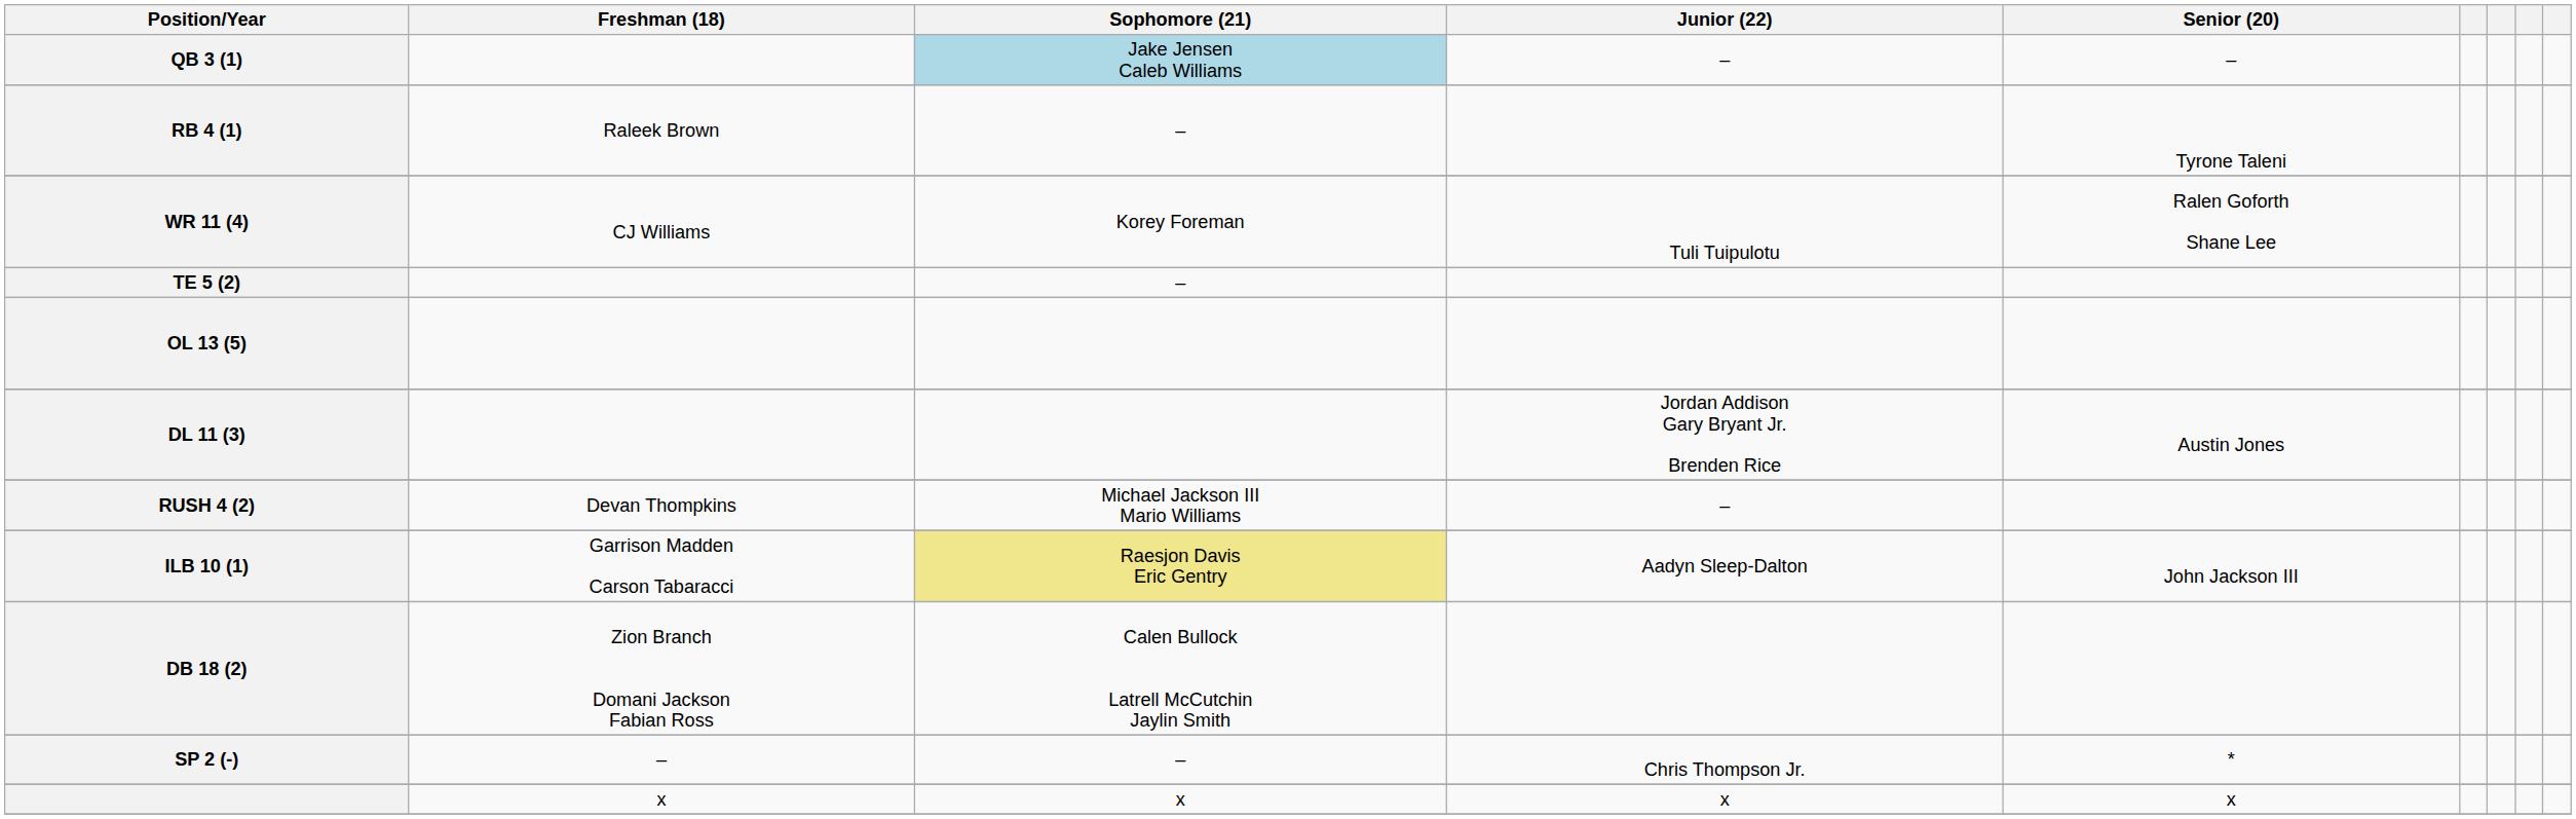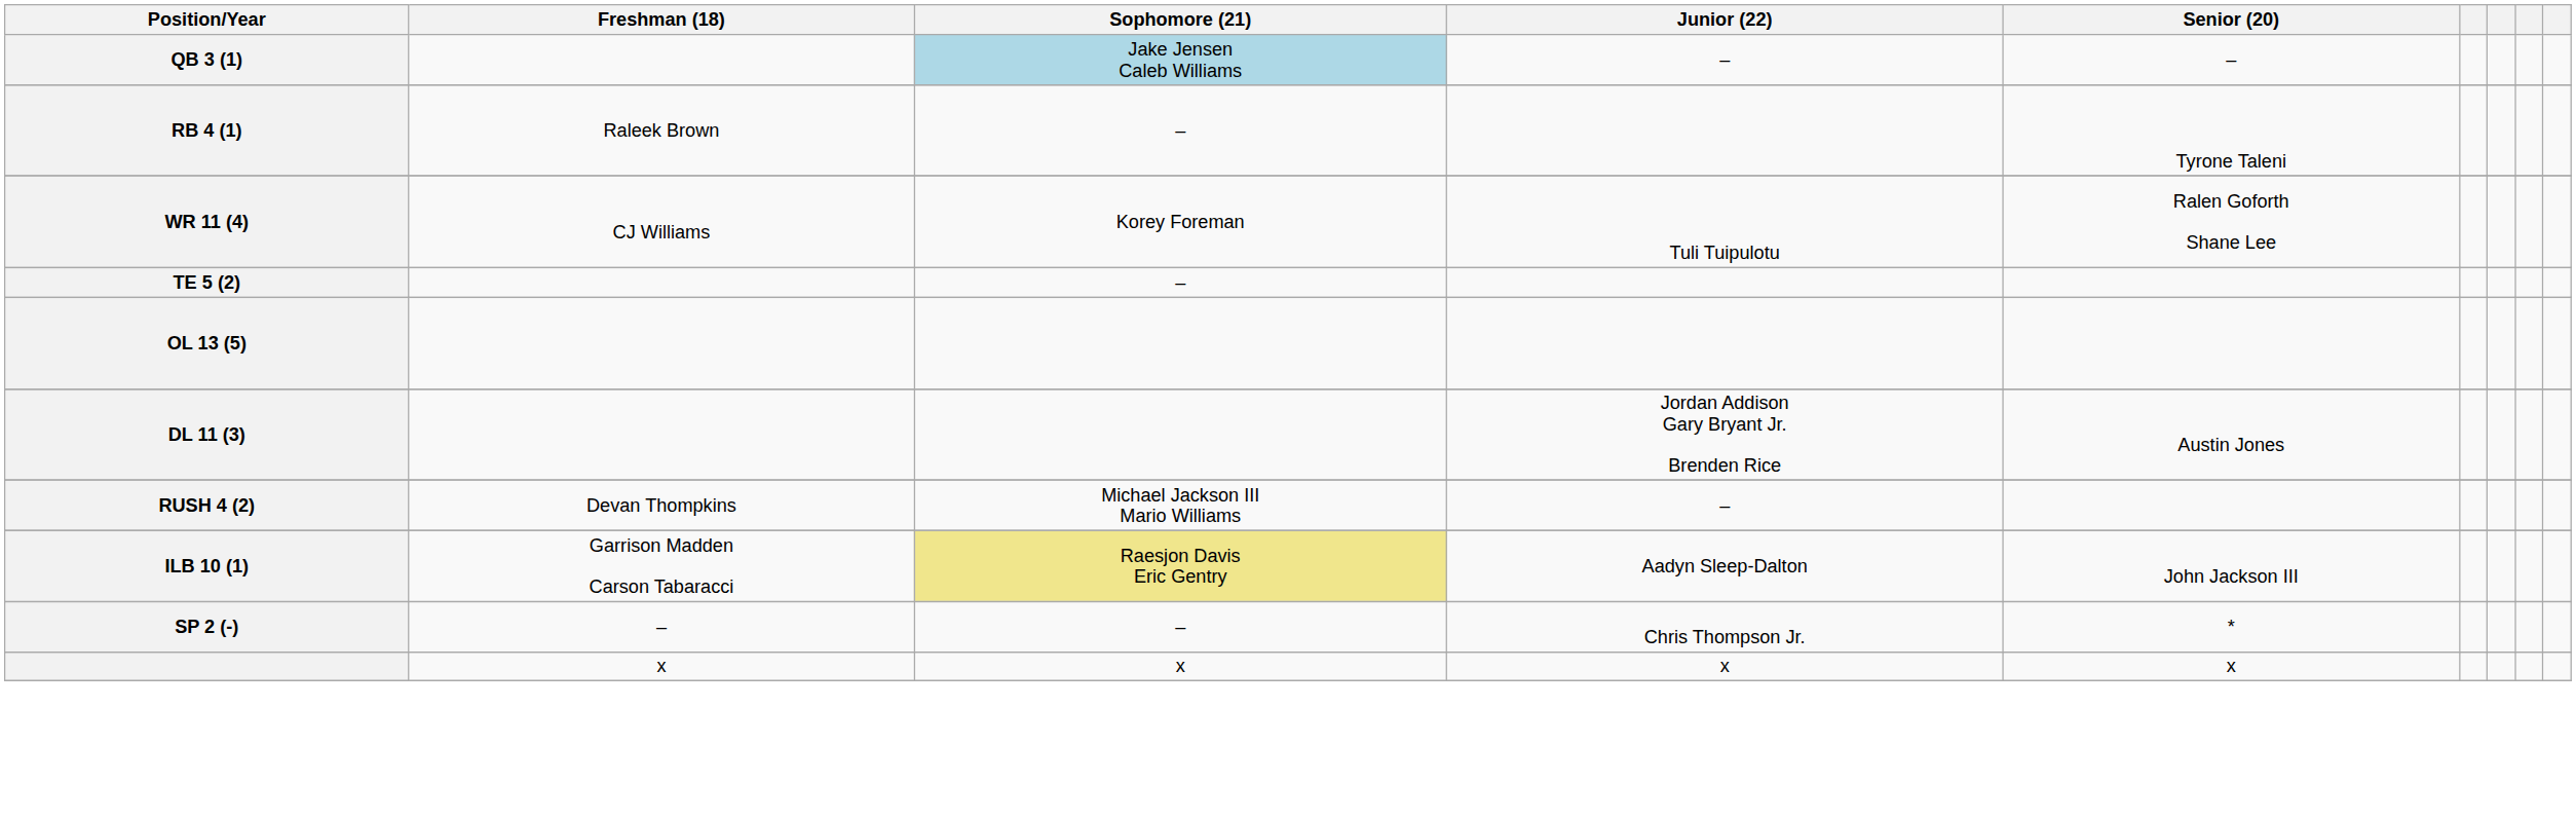 <table class="wikitable collapsible collapsed" style="font-size:90%;" width=100%>
 <tr>
 <th style="text-align:center; ">Position/Year</th>
 <th style="text-align:center; ">Freshman (18)</th>
 <th style="text-align:center; ">Sophomore (21)</th>
 <th style="text-align:center; ">Junior (22)</th>
 <th style="text-align:center; ">Senior (20)</th>
 <th></th>
 <th></th>
 <th></th>
 <th></th>
 </tr>
 <tr align="center">
 <th style="text-align:center; ">QB 3 (1)</th>
 <td></td>
 <td style="background: lightblue;">Jake Jensen <br> Caleb Williams</td>
 <td>–</td>
 <td>–</td>
 <td></td>
 <td></td>
 <td></td>
 <td></td>
 </tr>
 <tr>
 </tr>
 <tr align="center">
 <th style="text-align:center; ">RB 4 (1)</th>
 <td>Raleek Brown</td>
 <td>–</td>
 <td></td>
 <td> <br>  <br>  <br> Tyrone Taleni</td>
 <td> <br> </td>
 <td></td>
 <td></td>
 <td></td>
 </tr>
 <tr>
 </tr>
 <tr align="center">
 <th style="text-align:center; ">WR 11 (4)</th>
 <td> <br> CJ Williams</td>
 <td>Korey Foreman <br> </td>
 <td> <br>  <br> <br> Tuli Tuipulotu <br></td>
 <td>Ralen Goforth <br>  <br> Shane Lee</td>
 <td> <br>  <br> </td>
 <td></td>
 <td></td>
 <td></td>
 </tr>
 <tr>
 </tr>
 <tr align="center">
 <th style="text-align:center; ">TE 5 (2)</th>
 <td></td>
 <td>–</td>
 <td> <br> </td>
 <td> <br> </td>
 <td></td>
 <td></td>
 <td></td>
 <td></td>
 </tr>
 <tr>
 </tr>
 <tr align="center">
 <th style="text-align:center; ">OL 13 (5)</th>
 <td></td>
 <td> <br>  <br>  <br>  <br> </td>
 <td> <br>  <br> </td>
 <td> <br>  <br>  <br> </td>
 <td> <br>  <br>  <br>  <br> </td>
 <td></td>
 <td></td>
 <td></td>
 </tr>
 <tr>
 </tr>
 <tr align="center">
 <th style="text-align:center; ">DL 11 (3)</th>
 <td></td>
 <td> <br> </td>
 <td>Jordan Addison <br> Gary Bryant Jr. <br>  <br> Brenden Rice <br> </td>
 <td> <br> Austin Jones</td>
 <td> <br>  <br> </td>
 <td></td>
 <td></td>
 <td></td>
 </tr>
 <tr>
 </tr>
 <tr align="center">
 <th style="text-align:center; ">RUSH 4 (2)</th>
 <td>Devan Thompkins</td>
 <td>Michael Jackson III <br> Mario Williams</td>
 <td>–</td>
 <td></td>
 <td> <br> </td>
 <td></td>
 <td></td>
 <td></td>
 </tr>
 <tr>
 </tr>
 <tr align="center">
 <th style="text-align:center; ">ILB 10 (1)</th>
 <td>Garrison Madden <br>   <br> Carson Tabaracci</td>
 <td style="background: khaki;">Raesjon Davis <br> Eric Gentry</td>
 <td>Aadyn Sleep-Dalton</td>
 <td> <br> John Jackson III</td>
 <td></td>
 <td></td>
 <td></td>
 <td></td>
 </tr>
 <tr>
 </tr>
-<tr align="center">
-<th style="text-align:center; ">DB 18 (2)</th>
-<td> <br> Zion Branch <br>  <br>  <br> Domani Jackson <br> Fabian Ross <br> </td>
-<td> <br> Calen Bullock <br>  <br>  <br> Latrell McCutchin <br> Jaylin Smith</td>
-<td> <br>  <br>  <br> </td>
-<td></td>
-<td> <br> </td>
-<td></td>
-<td></td>
-<td></td>
-</tr>
 <tr>
 </tr>
 <tr align="center">
 <th style="text-align:center; ">SP 2 (-)</th>
 <td>–</td>
 <td>–</td>
 <td> <br> Chris Thompson Jr.</td>
 <td>*</td>
 <td></td>
 <td></td>
 <td></td>
 <td></td>
 </tr>
 <tr>
 </tr>
 <tr align="center">
 <th> </th>
 <td>x</td>
 <td>x</td>
 <td>x</td>
 <td>x</td>
 <td></td>
 <td></td>
 <td></td>
 <td></td>
 </tr>
 <tr>
 </tr>
 </table>
